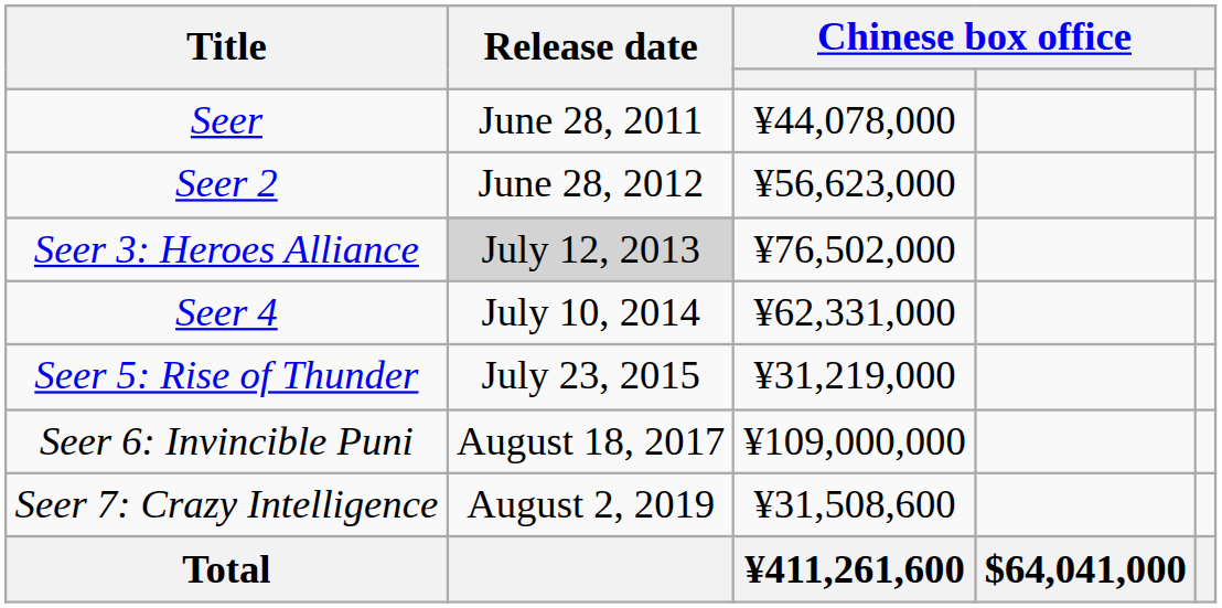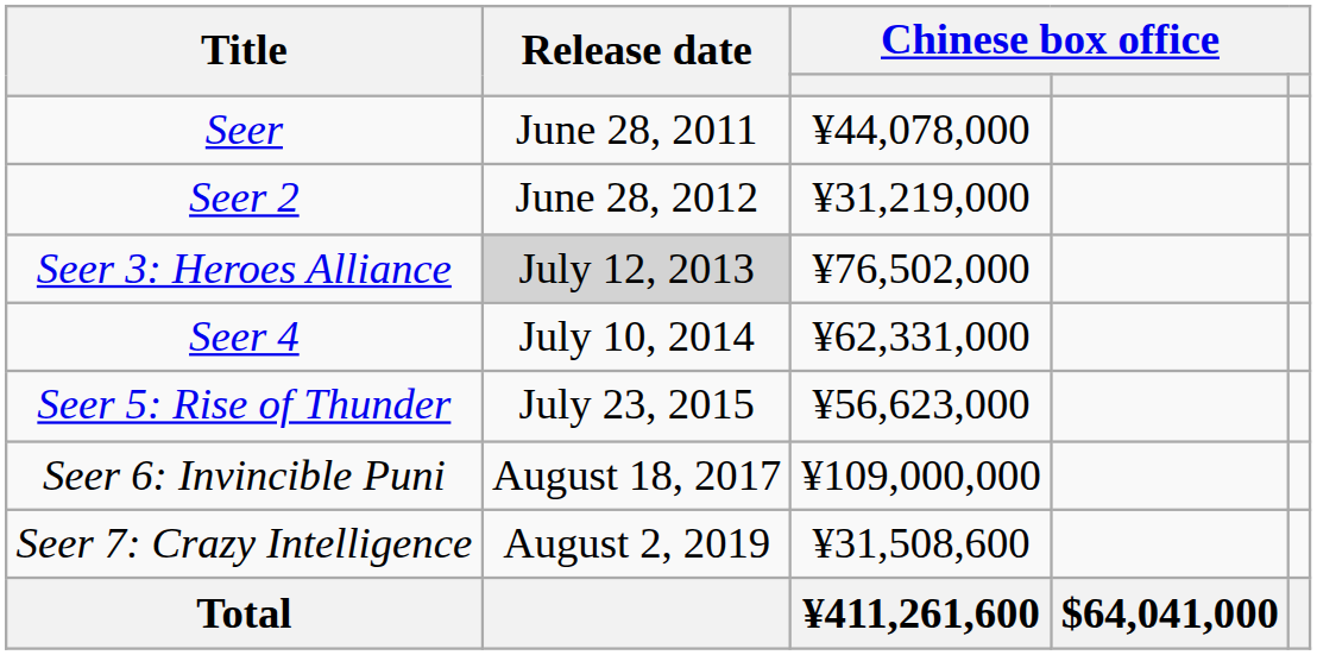 <table class="wikitable sortable" style="text-align:center">
 <tr>
 <th rowspan="2">Title</th>
 <th rowspan="2">Release date</th>
 <th colspan="3"><a href='#'>Chinese box office</a></th>
 </tr>
 <tr>
 <th></th>
 <th></th>
 <th class="unsortable"></th>
 </tr>
 <tr>
 <td><em><a href='#'>Seer</a></em></td>
 <td>June 28, 2011</td>
 <td>¥44,078,000</td>
 <td></td>
 <td></td>
 </tr>
 <tr>
 <td><em><a href='#'>Seer 2</a></em></td>
 <td>June 28, 2012</td>
-<td>¥56,623,000</td>
+<td>¥31,219,000</td>
 <td></td>
 <td></td>
 </tr>
 <tr>
 <td><em><a href='#'>Seer 3: Heroes Alliance</a></em></td>
 <td style="background: lightgrey;">July 12, 2013</td>
 <td>¥76,502,000</td>
 <td></td>
 <td></td>
 </tr>
 <tr>
 <td><em><a href='#'>Seer 4</a></em></td>
 <td>July 10, 2014</td>
 <td>¥62,331,000</td>
 <td></td>
 <td></td>
 </tr>
 <tr>
 <td><em><a href='#'>Seer 5: Rise of Thunder</a></em></td>
 <td>July 23, 2015</td>
-<td>¥31,219,000</td>
+<td>¥56,623,000</td>
 <td></td>
 <td></td>
 </tr>
 <tr>
 <td><em>Seer 6: Invincible Puni</em></td>
 <td>August 18, 2017</td>
 <td>¥109,000,000</td>
 <td></td>
 <td></td>
 </tr>
 <tr>
 <td><em>Seer 7: Crazy Intelligence</em></td>
 <td>August 2, 2019</td>
 <td>¥31,508,600</td>
 <td></td>
 <td></td>
 </tr>
 <tr>
 <th>Total</th>
 <th></th>
 <th>¥411,261,600</th>
 <th>$64,041,000</th>
 <th></th>
 </tr>
 </table>
